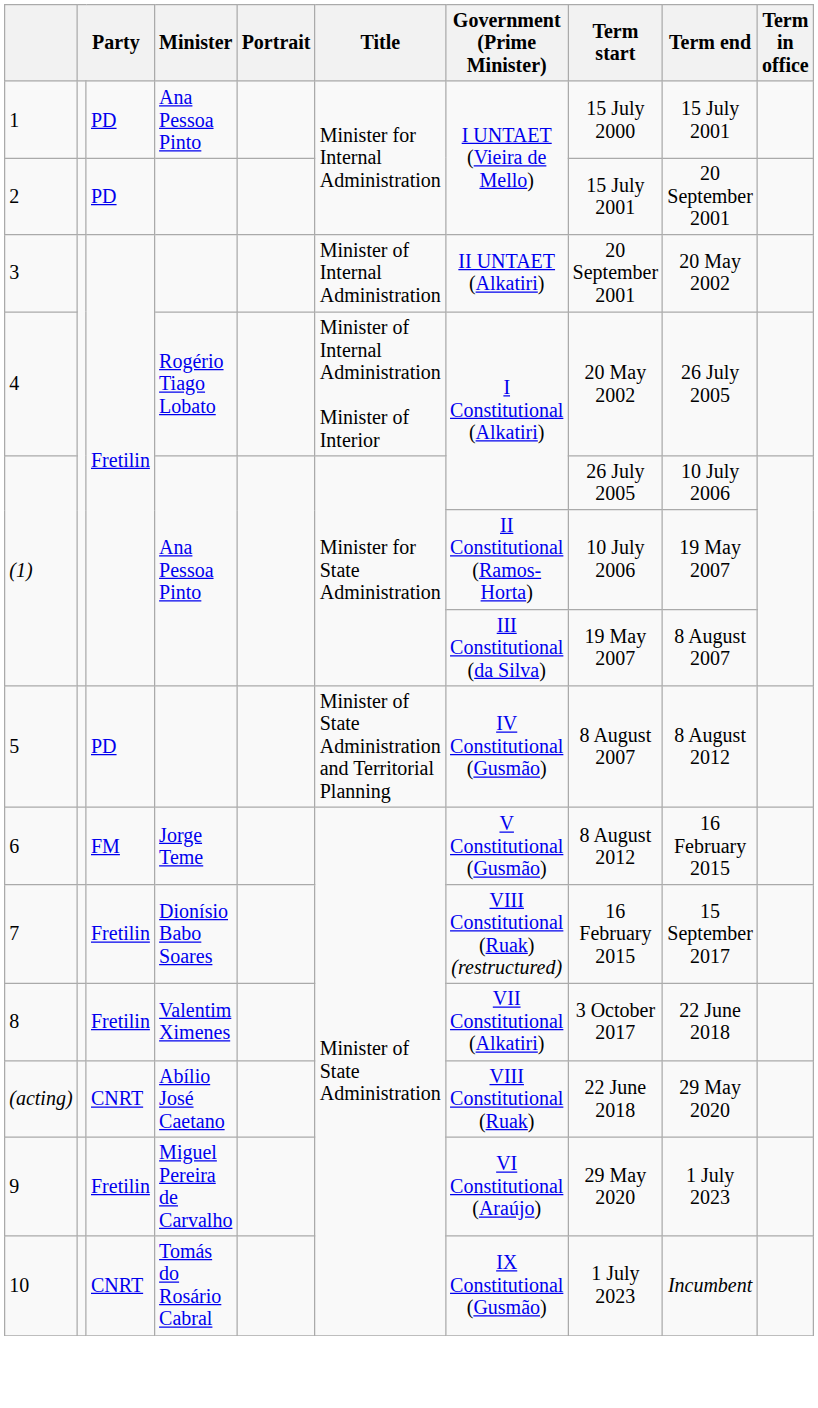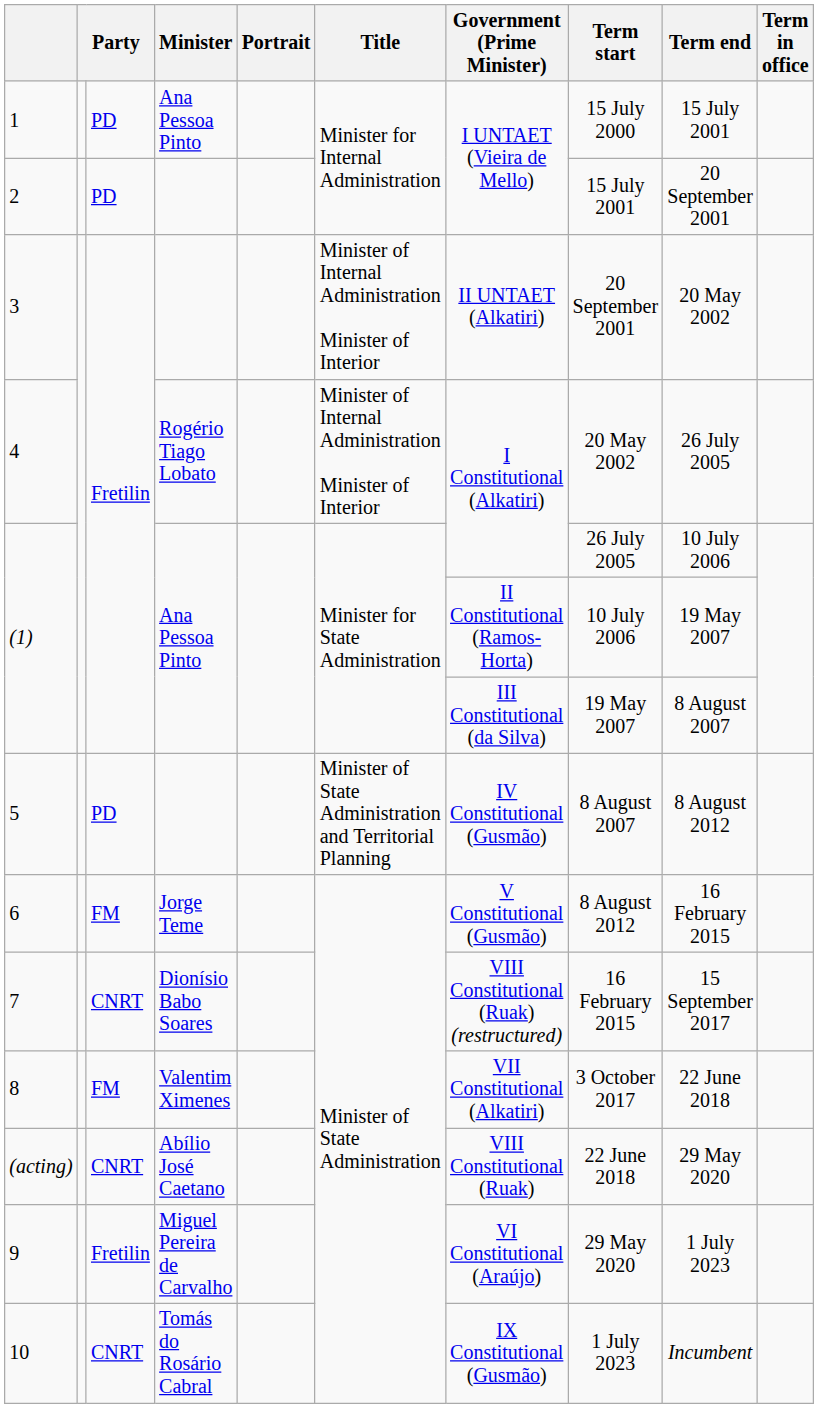 <table class="wikitable sortable">
 <tr>
 <th></th>
 <th colspan="2">Party</th>
 <th>Minister</th>
 <th>Portrait</th>
 <th>Title</th>
 <th>Government<br>(Prime Minister)</th>
 <th>Term start</th>
 <th>Term end</th>
 <th>Term in office</th>
 </tr>
 <tr>
 <td>1</td>
 <td style="background:"></td>
 <td><a href='#'>PD</a></td>
 <td><a href='#'>Ana Pessoa Pinto</a></td>
 <td></td>
 <td rowspan=2>Minister for Internal Administration</td>
 <td rowspan=2 align=center><a href='#'>I UNTAET</a><br>(<a href='#'>Vieira de Mello</a>)</td>
 <td align=center>15 July 2000</td>
 <td align=center>15 July 2001</td>
 <td align=right></td>
 </tr>
 <tr>
 <td>2</td>
 <td style="background:"></td>
 <td><a href='#'>PD</a></td>
 <td></td>
 <td></td>
 <td align=center>15 July 2001</td>
 <td align=center>20 September 2001</td>
 <td align=right></td>
 </tr>
 <tr>
 <td>3</td>
 <td rowspan=5 style="background:"></td>
 <td rowspan=5><a href='#'>Fretilin</a></td>
 <td></td>
 <td></td>
-<td>Minister of Internal Administration</td>
+<td>Minister of Internal Administration<br><br>Minister of Interior<br></td>
 <td align=center><a href='#'>II UNTAET</a><br>(<a href='#'>Alkatiri</a>)</td>
 <td align=center>20 September 2001</td>
 <td align=center>20 May 2002</td>
 <td align=right></td>
 </tr>
 <tr>
 <td>4</td>
 <td><a href='#'>Rogério Tiago Lobato</a></td>
 <td></td>
 <td>Minister of Internal Administration<br><br>Minister of Interior<br></td>
 <td rowspan=2 align=center><a href='#'>I Constitutional</a><br>(<a href='#'>Alkatiri</a>)</td>
 <td align=center>20 May 2002</td>
 <td align=center>26 July 2005</td>
 <td align=right></td>
 </tr>
 <tr>
 <td rowspan=3><em>(1)</em></td>
 <td rowspan=3><a href='#'>Ana Pessoa Pinto</a></td>
 <td rowspan=3></td>
 <td rowspan=3>Minister for State Administration</td>
 <td align=center>26 July 2005</td>
 <td align=center>10 July 2006</td>
 <td rowspan=3 align=right></td>
 </tr>
 <tr>
 <td align=center><a href='#'>II Constitutional</a><br>(<a href='#'>Ramos-Horta</a>)</td>
 <td align=center>10 July 2006</td>
 <td align=center>19 May 2007</td>
 </tr>
 <tr>
 <td align=center><a href='#'>III Constitutional</a><br>(<a href='#'>da Silva</a>)</td>
 <td align=center>19 May 2007</td>
 <td align=center>8 August 2007</td>
 </tr>
 <tr>
 <td>5</td>
 <td style="background:"></td>
 <td><a href='#'>PD</a></td>
 <td></td>
 <td></td>
 <td>Minister of State Administration and Territorial Planning</td>
 <td align=center><a href='#'>IV Constitutional</a><br>(<a href='#'>Gusmão</a>)</td>
 <td align=center>8 August 2007</td>
 <td align=center>8 August 2012</td>
 <td align=right></td>
 </tr>
 <tr>
 <td>6</td>
 <td style="background:"></td>
 <td><a href='#'>FM</a></td>
 <td><a href='#'>Jorge Teme</a></td>
 <td></td>
 <td rowspan=6>Minister of State Administration</td>
 <td align=center><a href='#'>V Constitutional</a><br>(<a href='#'>Gusmão</a>)</td>
 <td align=center>8 August 2012</td>
 <td align=center>16 February 2015</td>
 <td align=right></td>
 </tr>
 <tr>
 <td>7</td>
 <td style="background:"></td>
-<td><a href='#'>Fretilin</a></td>
+<td><a href='#'>CNRT</a></td>
 <td><a href='#'>Dionísio Babo Soares</a></td>
 <td></td>
 <td align=center><a href='#'>VIII Constitutional</a><br>(<a href='#'>Ruak</a>)<br><em>(restructured)</em></td>
 <td align=center>16 February 2015</td>
 <td align=center>15 September 2017</td>
 <td align=right></td>
 </tr>
 <tr>
 <td>8</td>
 <td style="background:"></td>
-<td><a href='#'>Fretilin</a></td>
+<td><a href='#'>FM</a></td>
 <td><a href='#'>Valentim Ximenes</a></td>
 <td></td>
 <td align=center><a href='#'>VII Constitutional</a><br>(<a href='#'>Alkatiri</a>)</td>
 <td align=center>3 October 2017</td>
 <td align=center>22 June 2018</td>
 <td align=right></td>
 </tr>
 <tr>
 <td><em>(acting)</em></td>
 <td style="background:"></td>
 <td><a href='#'>CNRT</a></td>
 <td><a href='#'>Abílio José Caetano</a></td>
 <td></td>
 <td align=center><a href='#'>VIII Constitutional</a><br>(<a href='#'>Ruak</a>)</td>
 <td align=center>22 June 2018</td>
 <td align=center>29 May 2020</td>
 <td align=right></td>
 </tr>
 <tr>
 <td>9</td>
 <td style="background:"></td>
 <td><a href='#'>Fretilin</a></td>
 <td><a href='#'>Miguel Pereira de Carvalho</a></td>
 <td></td>
 <td align=center><a href='#'>VI Constitutional</a><br>(<a href='#'>Araújo</a>)</td>
 <td align=center>29 May 2020</td>
 <td align=center>1 July 2023</td>
 <td align=right></td>
 </tr>
 <tr>
 <td>10</td>
 <td style="background:"></td>
 <td><a href='#'>CNRT</a></td>
 <td><a href='#'>Tomás do Rosário Cabral</a></td>
 <td></td>
 <td align=center><a href='#'>IX Constitutional</a><br>(<a href='#'>Gusmão</a>)</td>
 <td align=center>1 July 2023</td>
 <td align=center><em>Incumbent</em></td>
 <td align=right></td>
 </tr>
 </table>
